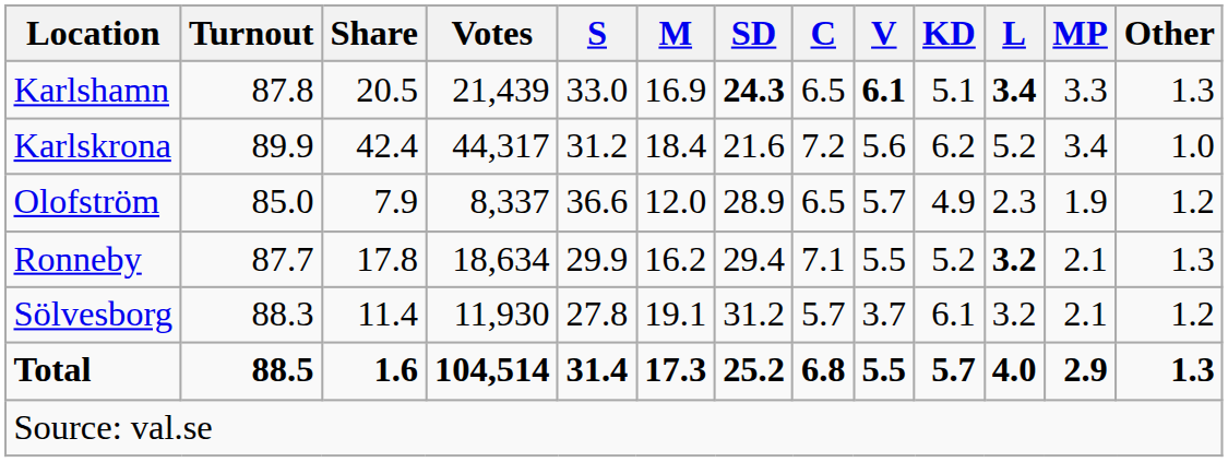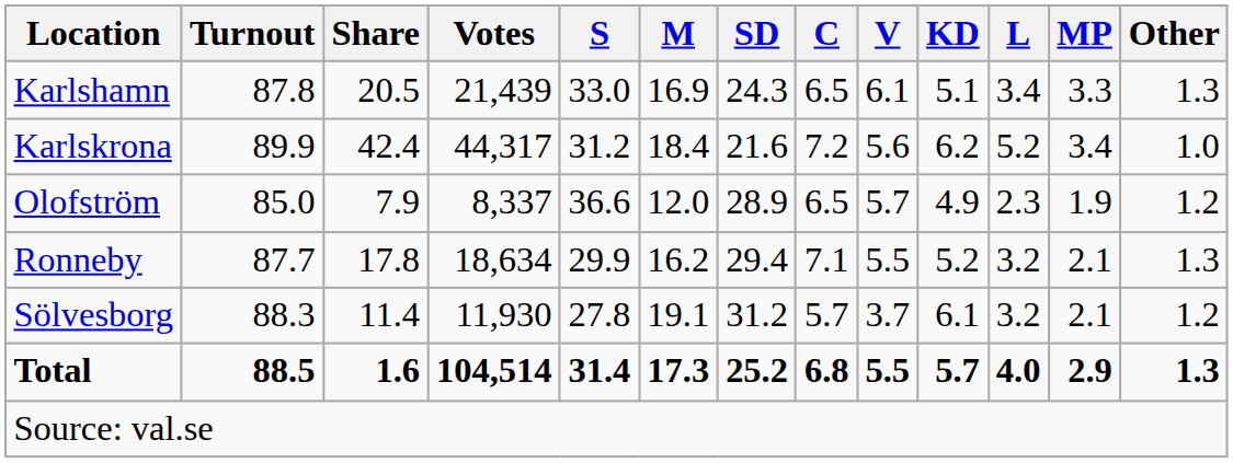 <table class="wikitable sortable" style=text-align:right>
 <tr>
 <th>Location</th>
 <th>Turnout</th>
 <th>Share</th>
 <th>Votes</th>
 <th><a href='#'>S</a></th>
 <th><a href='#'>M</a></th>
 <th><a href='#'>SD</a></th>
 <th><a href='#'>C</a></th>
 <th><a href='#'>V</a></th>
 <th><a href='#'>KD</a></th>
 <th><a href='#'>L</a></th>
 <th><a href='#'>MP</a></th>
 <th>Other</th>
 </tr>
 <tr>
 <td align=left><a href='#'>Karlshamn</a></td>
 <td>87.8</td>
 <td>20.5</td>
 <td>21,439</td>
 <td>33.0</td>
 <td>16.9</td>
-<td><strong>24.3</strong></td>
+<td>24.3</td>
 <td>6.5</td>
-<td><strong>6.1</strong></td>
+<td>6.1</td>
 <td>5.1</td>
-<td><strong>3.4</strong></td>
+<td>3.4</td>
 <td>3.3</td>
 <td>1.3</td>
 </tr>
 <tr>
 <td align=left><a href='#'>Karlskrona</a></td>
 <td>89.9</td>
 <td>42.4</td>
 <td>44,317</td>
 <td>31.2</td>
 <td>18.4</td>
 <td>21.6</td>
 <td>7.2</td>
 <td>5.6</td>
 <td>6.2</td>
 <td>5.2</td>
 <td>3.4</td>
 <td>1.0</td>
 </tr>
 <tr>
 <td align=left><a href='#'>Olofström</a></td>
 <td>85.0</td>
 <td>7.9</td>
 <td>8,337</td>
 <td>36.6</td>
 <td>12.0</td>
 <td>28.9</td>
 <td>6.5</td>
 <td>5.7</td>
 <td>4.9</td>
 <td>2.3</td>
 <td>1.9</td>
 <td>1.2</td>
 </tr>
 <tr>
 <td align=left><a href='#'>Ronneby</a></td>
 <td>87.7</td>
 <td>17.8</td>
 <td>18,634</td>
 <td>29.9</td>
 <td>16.2</td>
 <td>29.4</td>
 <td>7.1</td>
 <td>5.5</td>
 <td>5.2</td>
-<td><strong>3.2</strong></td>
+<td>3.2</td>
 <td>2.1</td>
 <td>1.3</td>
 </tr>
 <tr>
 <td align=left><a href='#'>Sölvesborg</a></td>
 <td>88.3</td>
 <td>11.4</td>
 <td>11,930</td>
 <td>27.8</td>
 <td>19.1</td>
 <td>31.2</td>
 <td>5.7</td>
 <td>3.7</td>
 <td>6.1</td>
 <td>3.2</td>
 <td>2.1</td>
 <td>1.2</td>
 </tr>
 <tr>
 <td align=left><strong>Total</strong></td>
 <td><strong>88.5</strong></td>
 <td><strong>1.6</strong></td>
 <td><strong>104,514</strong></td>
 <td><strong>31.4</strong></td>
 <td><strong>17.3</strong></td>
 <td><strong>25.2</strong></td>
 <td><strong>6.8</strong></td>
 <td><strong>5.5</strong></td>
 <td><strong>5.7</strong></td>
 <td><strong>4.0</strong></td>
 <td><strong>2.9</strong></td>
 <td><strong>1.3</strong></td>
 </tr>
 <tr>
 <td align=left colspan=13>Source: val.se</td>
 </tr>
 </table>
